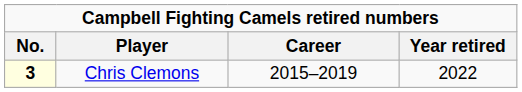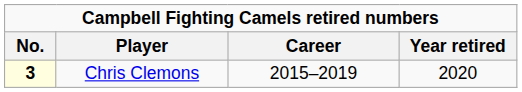 <table class="wikitable sortable" style="text-align:center">
 <tr>
 <td colspan="5"><strong>Campbell Fighting Camels retired numbers</strong></td>
 </tr>
 <tr>
 <th width=40px>No.</th>
 <th width=150px>Player</th>
 <th width=150px>Career</th>
 <th width=100px>Year retired</th>
 </tr>
 <tr>
 <td style="background: lightyellow;"><strong>3</strong></td>
 <td><a href='#'>Chris Clemons</a></td>
 <td>2015–2019</td>
-<td>2022</td>
+<td>2020</td>
 </tr>
 </table>
